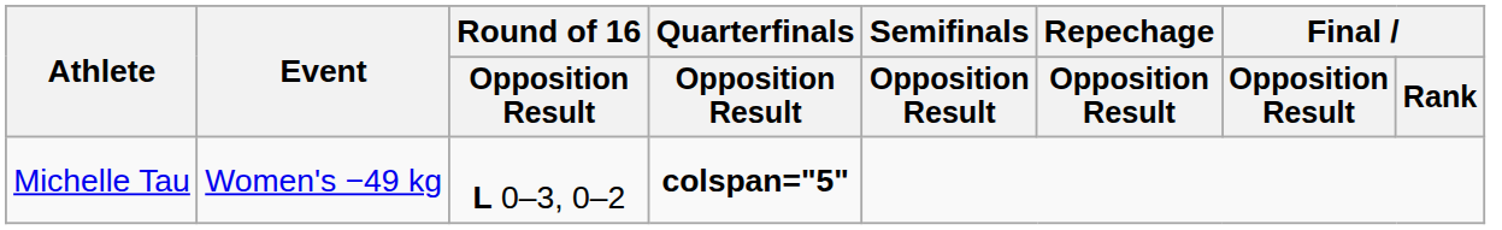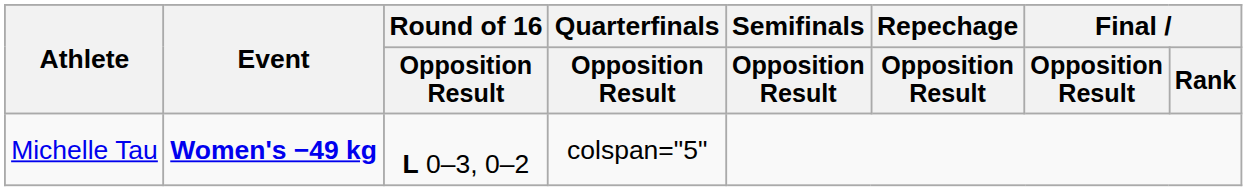 <table class=wikitable style=font-size:90%;text-align:center>
 <tr>
 <th rowspan=2>Athlete</th>
 <th rowspan=2>Event</th>
 <th>Round of 16</th>
 <th>Quarterfinals</th>
 <th>Semifinals</th>
 <th>Repechage</th>
 <th colspan=2>Final / </th>
 </tr>
 <tr style=font-size:95%>
 <th>Opposition<br>Result</th>
 <th>Opposition<br>Result</th>
 <th>Opposition<br>Result</th>
 <th>Opposition<br>Result</th>
 <th>Opposition<br>Result</th>
 <th>Rank</th>
 </tr>
 <tr>
 <td align=left><a href='#'>Michelle Tau</a></td>
-<td align=left><a href='#'>Women's −49 kg</a></td>
+<td align=left><strong><a href='#'>Women's −49 kg</a></strong></td>
 <td><br><strong>L</strong> 0–3, 0–2</td>
-<td><strong>colspan="5" </strong></td>
+<td>colspan="5" </td>
 </tr>
 </table>
